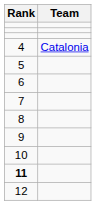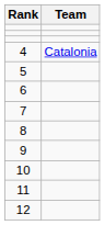 <table class="wikitable">
 <tr>
 <th style="width: 40px;">Rank</th>
 <th>Team</th>
 </tr>
 <tr>
 <td style="text-align: center;"></td>
 <td></td>
 </tr>
 <tr>
 <td style="text-align: center;"></td>
 <td></td>
 </tr>
 <tr>
 <td style="text-align: center;"></td>
 <td></td>
 </tr>
 <tr>
 <td style="text-align: center;">4</td>
 <td> <a href='#'>Catalonia</a></td>
 </tr>
 <tr>
 <td style="text-align: center;">5</td>
 <td></td>
 </tr>
 <tr>
 <td style="text-align: center;">6</td>
 <td></td>
 </tr>
 <tr>
 <td style="text-align: center;">7</td>
 <td></td>
 </tr>
 <tr>
 <td style="text-align: center;">8</td>
 <td></td>
 </tr>
 <tr>
 <td style="text-align: center;">9</td>
 <td></td>
 </tr>
 <tr>
 <td style="text-align: center;">10</td>
 <td></td>
 </tr>
 <tr>
-<td style="text-align: center;"><strong>11</strong></td>
+<td style="text-align: center;">11</td>
 <td></td>
 </tr>
 <tr>
 <td style="text-align: center;">12</td>
 <td></td>
 </tr>
 </table>
